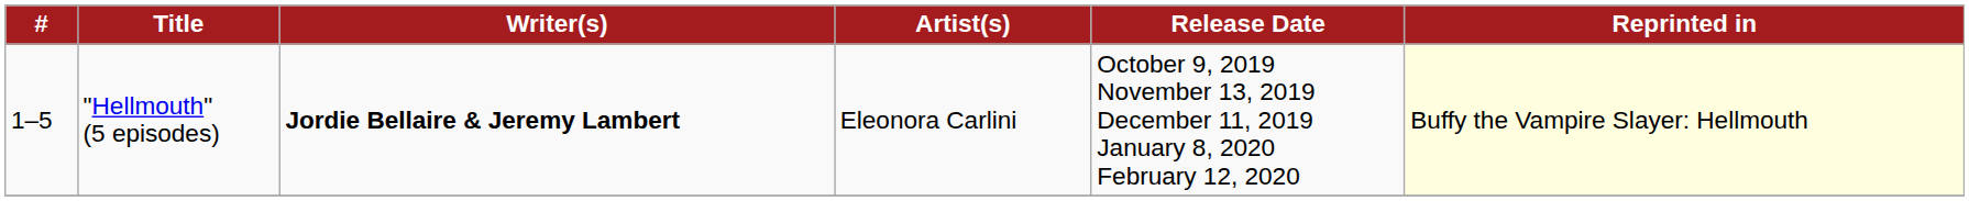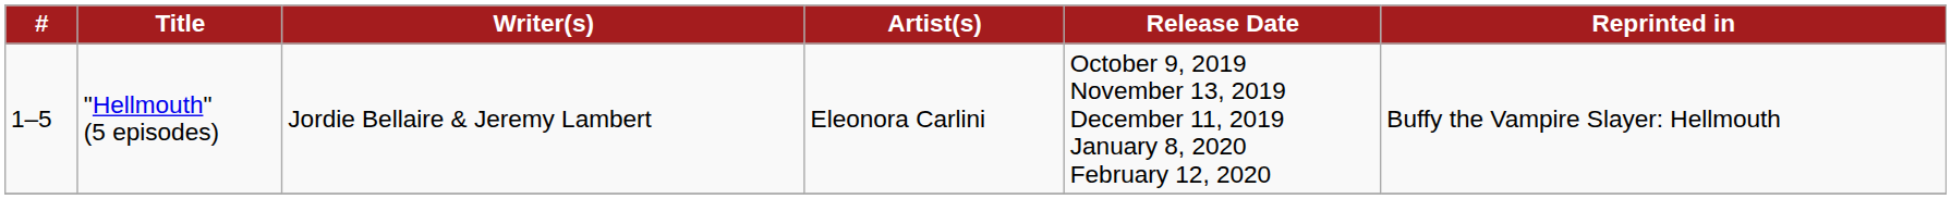 <table style="width: 100%;" class="wikitable">
 <tr>
 <th style="background: #A41C1E; color: white;">#</th>
 <th style="background: #A41C1E; color: white;">Title</th>
 <th style="background: #A41C1E; color: white;">Writer(s)</th>
 <th style="background: #A41C1E; color: white;">Artist(s)</th>
 <th style="background: #A41C1E; color: white;">Release Date</th>
 <th style="background: #A41C1E; color: white;">Reprinted in</th>
 </tr>
 <tr>
 <td>1–5</td>
 <td>"<a href='#'>Hellmouth</a>"<br>(5 episodes)</td>
-<td><strong>Jordie Bellaire & Jeremy Lambert</strong></td>
+<td>Jordie Bellaire & Jeremy Lambert</td>
 <td>Eleonora Carlini</td>
 <td>October 9, 2019 <br>November 13, 2019 <br>December 11, 2019 <br>January 8, 2020 <br>February 12, 2020</td>
-<td style="background: lightyellow;">Buffy the Vampire Slayer: Hellmouth</td>
+<td>Buffy the Vampire Slayer: Hellmouth</td>
 </tr>
 <tr>
 </tr>
 </table>
